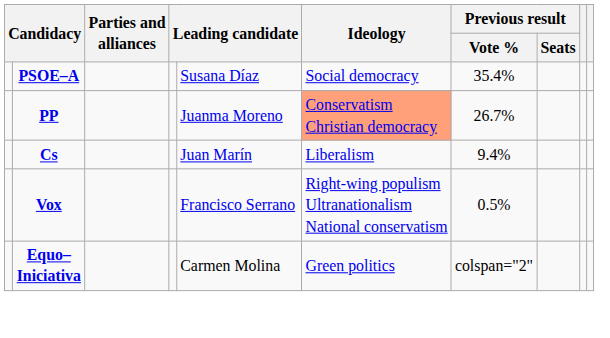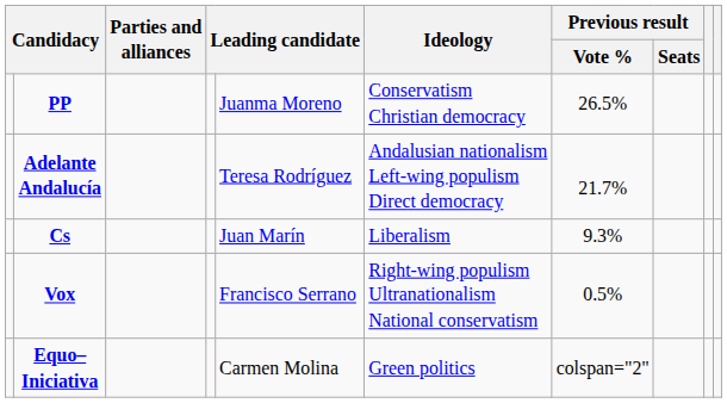 <table class="wikitable" style="line-height:1.35em; text-align:left;">
 <tr>
 <th colspan="2" rowspan="2">Candidacy</th>
 <th rowspan="2">Parties and<br>alliances</th>
 <th colspan="2" rowspan="2">Leading candidate</th>
 <th rowspan="2">Ideology</th>
 <th colspan="2">Previous result</th>
 <th rowspan="2"></th>
 <th rowspan="2"></th>
 </tr>
 <tr>
 <th>Vote %</th>
 <th>Seats</th>
 </tr>
 <tr>
-<td width="1" style="color:inherit;background:"></td>
-<td align="center"><strong><a href='#'>PSOE–A</a></strong></td>
+<td style="color:inherit;background:"></td>
+<td align="center"><strong><a href='#'>PP</a></strong></td>
 <td></td>
 <td></td>
-<td><a href='#'>Susana Díaz</a></td>
-<td><a href='#'>Social democracy</a></td>
-<td align="center">35.4%</td>
+<td><a href='#'>Juanma Moreno</a></td>
+<td><a href='#'>Conservatism</a><br><a href='#'>Christian democracy</a></td>
+<td align="center">26.5%</td>
 <td></td>
 <td></td>
 <td></td>
 </tr>
 <tr>
 <td style="color:inherit;background:"></td>
-<td align="center"><strong><a href='#'>PP</a></strong></td>
+<td align="center"><strong><a href='#'>Adelante<br>Andalucía</a></strong></td>
 <td></td>
 <td></td>
-<td><a href='#'>Juanma Moreno</a></td>
-<td style="background: lightsalmon;"><a href='#'>Conservatism</a><br><a href='#'>Christian democracy</a></td>
-<td align="center">26.7%</td>
+<td><a href='#'>Teresa Rodríguez</a></td>
+<td><a href='#'>Andalusian nationalism</a><br><a href='#'>Left-wing populism</a><br><a href='#'>Direct democracy</a></td>
+<td align="center"><br>21.7%<br></td>
 <td></td>
 <td></td>
 <td></td>
 </tr>
 <tr>
 <td style="color:inherit;background:"></td>
 <td align="center"><strong><a href='#'>Cs</a></strong></td>
 <td></td>
 <td></td>
 <td><a href='#'>Juan Marín</a></td>
 <td><a href='#'>Liberalism</a></td>
-<td align="center">9.4%</td>
+<td align="center">9.3%</td>
 <td></td>
 <td></td>
 <td></td>
 </tr>
 <tr>
 <td style="color:inherit;background:"></td>
 <td align="center"><strong><a href='#'>Vox</a></strong></td>
 <td></td>
 <td></td>
 <td><a href='#'>Francisco Serrano</a></td>
 <td><a href='#'>Right-wing populism</a><br><a href='#'>Ultranationalism</a><br><a href='#'>National conservatism</a></td>
 <td align="center">0.5%</td>
 <td></td>
 <td></td>
 <td><br></td>
 </tr>
 <tr>
 <td style="color:inherit;background:"></td>
 <td align="center"><strong><a href='#'>Equo–<br>Iniciativa</a></strong></td>
 <td></td>
 <td></td>
 <td>Carmen Molina</td>
 <td><a href='#'>Green politics</a></td>
 <td>colspan="2" </td>
 <td></td>
 <td></td>
 </tr>
 </table>
